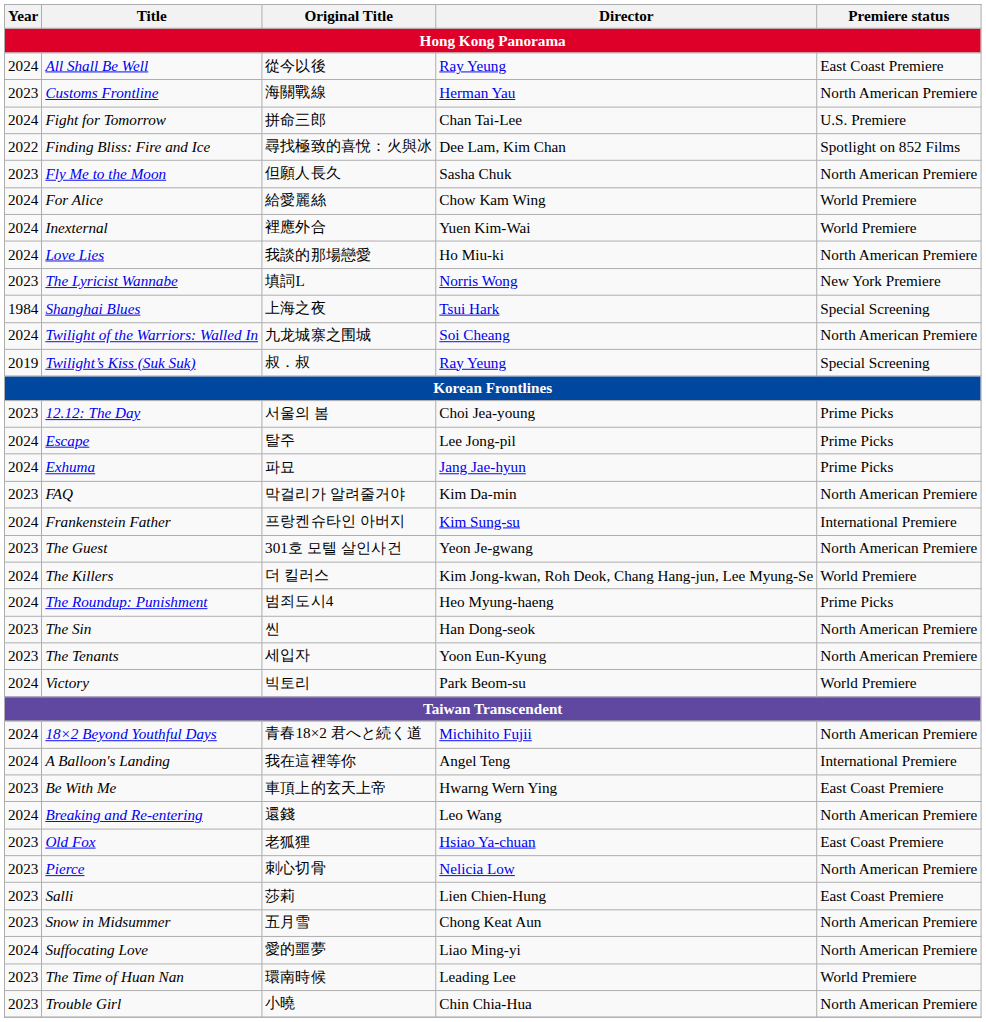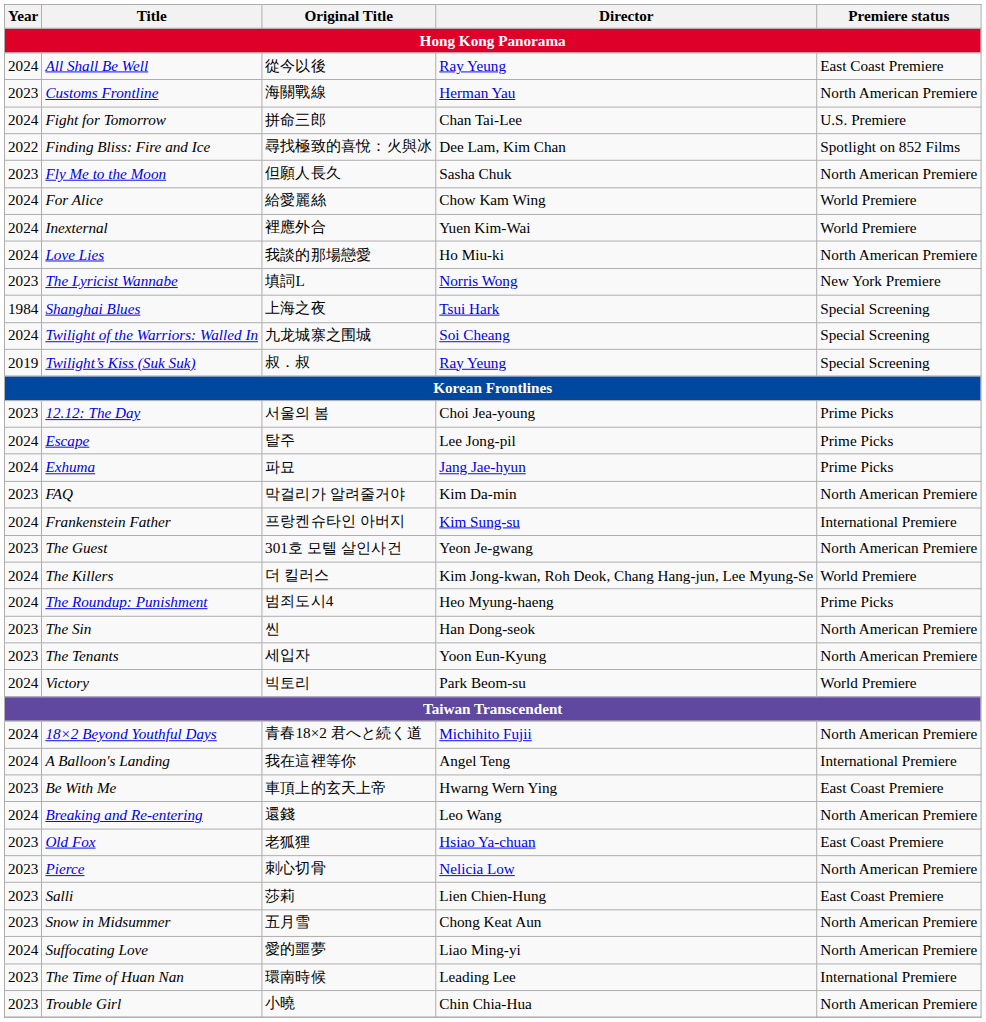 <table class="wikitable">
 <tr>
 <th>Year</th>
 <th>Title</th>
 <th>Original Title</th>
 <th>Director</th>
 <th>Premiere status</th>
 </tr>
 <tr>
 <th colspan="5" style="background:#de0029;color:white;"><strong>Hong Kong Panorama</strong></th>
 </tr>
 <tr>
 <td>2024</td>
 <td><em><a href='#'>All Shall Be Well</a></em></td>
 <td>從今以後</td>
 <td><a href='#'>Ray Yeung</a></td>
 <td>East Coast Premiere</td>
 </tr>
 <tr>
 <td>2023</td>
 <td><em><a href='#'>Customs Frontline</a></em></td>
 <td>海關戰線</td>
 <td><a href='#'>Herman Yau</a></td>
 <td>North American Premiere</td>
 </tr>
 <tr>
 <td>2024</td>
 <td><em>Fight for Tomorrow</em></td>
 <td>拼命三郎</td>
 <td>Chan Tai-Lee</td>
 <td>U.S. Premiere</td>
 </tr>
 <tr>
 <td>2022</td>
 <td><em>Finding Bliss: Fire and Ice</em></td>
 <td>尋找極致的喜悅：火與冰</td>
 <td>Dee Lam, Kim Chan</td>
 <td>Spotlight on 852 Films</td>
 </tr>
 <tr>
 <td>2023</td>
 <td><em><a href='#'>Fly Me to the Moon</a></em></td>
 <td>但願人長久</td>
 <td>Sasha Chuk</td>
 <td>North American Premiere</td>
 </tr>
 <tr>
 <td>2024</td>
 <td><em>For Alice</em></td>
 <td>給愛麗絲</td>
 <td>Chow Kam Wing</td>
 <td>World Premiere</td>
 </tr>
 <tr>
 <td>2024</td>
 <td><em>Inexternal</em></td>
 <td>裡應外合</td>
 <td>Yuen Kim-Wai</td>
 <td>World Premiere</td>
 </tr>
 <tr>
 <td>2024</td>
 <td><em><a href='#'>Love Lies</a></em></td>
 <td>我談的那場戀愛</td>
 <td>Ho Miu-ki</td>
 <td>North American Premiere</td>
 </tr>
 <tr>
 <td>2023</td>
 <td><em><a href='#'>The Lyricist Wannabe</a></em></td>
 <td>填詞L</td>
 <td><a href='#'>Norris Wong</a></td>
 <td>New York Premiere</td>
 </tr>
 <tr>
 <td>1984</td>
 <td><em><a href='#'>Shanghai Blues</a></em></td>
 <td>上海之夜</td>
 <td><a href='#'>Tsui Hark</a></td>
 <td>Special Screening</td>
 </tr>
 <tr>
 <td>2024</td>
 <td><em><a href='#'>Twilight of the Warriors: Walled In</a></em></td>
 <td>九龙城寨之围城</td>
 <td><a href='#'>Soi Cheang</a></td>
-<td>North American Premiere</td>
+<td>Special Screening</td>
 </tr>
 <tr>
 <td>2019</td>
 <td><em><a href='#'>Twilight’s Kiss (Suk Suk)</a></em></td>
 <td>叔．叔</td>
 <td><a href='#'>Ray Yeung</a></td>
 <td>Special Screening</td>
 </tr>
 <tr>
 <th colspan="5" style="background:#0047A0;color:white;"><strong>Korean Frontlines</strong></th>
 </tr>
 <tr>
 <td>2023</td>
 <td><em><a href='#'>12.12: The Day</a></em></td>
 <td>서울의 봄</td>
 <td>Choi Jea-young</td>
 <td>Prime Picks</td>
 </tr>
 <tr>
 <td>2024</td>
 <td><em><a href='#'>Escape</a></em></td>
 <td>탈주</td>
 <td>Lee Jong-pil</td>
 <td>Prime Picks</td>
 </tr>
 <tr>
 <td>2024</td>
 <td><em><a href='#'>Exhuma</a></em></td>
 <td>파묘</td>
 <td><a href='#'>Jang Jae-hyun</a></td>
 <td>Prime Picks</td>
 </tr>
 <tr>
 <td>2023</td>
 <td><em>FAQ</em></td>
 <td>막걸리가 알려줄거야</td>
 <td>Kim Da-min</td>
 <td>North American Premiere</td>
 </tr>
 <tr>
 <td>2024</td>
 <td><em>Frankenstein Father</em></td>
 <td>프랑켄슈타인 아버지</td>
 <td><a href='#'>Kim Sung-su</a></td>
 <td>International Premiere</td>
 </tr>
 <tr>
 <td>2023</td>
 <td><em>The Guest</em></td>
 <td>301호 모텔 살인사건</td>
 <td>Yeon Je-gwang</td>
 <td>North American Premiere</td>
 </tr>
 <tr>
 <td>2024</td>
 <td><em>The Killers</em></td>
 <td>더 킬러스</td>
 <td>Kim Jong-kwan, Roh Deok, Chang Hang-jun, Lee Myung-Se</td>
 <td>World Premiere</td>
 </tr>
 <tr>
 <td>2024</td>
 <td><em><a href='#'>The Roundup: Punishment</a></em></td>
 <td>범죄도시4</td>
 <td>Heo Myung-haeng</td>
 <td>Prime Picks</td>
 </tr>
 <tr>
 <td>2023</td>
 <td><em>The Sin</em></td>
 <td>씬</td>
 <td>Han Dong-seok</td>
 <td>North American Premiere</td>
 </tr>
 <tr>
 <td>2023</td>
 <td><em>The Tenants</em></td>
 <td>세입자</td>
 <td>Yoon Eun-Kyung</td>
 <td>North American Premiere</td>
 </tr>
 <tr>
 <td>2024</td>
 <td><em>Victory</em></td>
 <td>빅토리</td>
 <td>Park Beom-su</td>
 <td>World Premiere</td>
 </tr>
 <tr>
 <th colspan="5" style="background:#6047A0;color:white;"><strong>Taiwan Transcendent</strong></th>
 </tr>
 <tr>
 <td>2024</td>
 <td><em><a href='#'>18×2 Beyond Youthful Days</a></em></td>
 <td>青春18×2 君へと続く道</td>
 <td><a href='#'>Michihito Fujii</a></td>
 <td>North American Premiere</td>
 </tr>
 <tr>
 <td>2024</td>
 <td><em>A Balloon's Landing</em></td>
 <td>我在這裡等你</td>
 <td>Angel Teng</td>
 <td>International Premiere</td>
 </tr>
 <tr>
 <td>2023</td>
 <td><em>Be With Me</em></td>
 <td>車頂上的玄天上帝</td>
 <td>Hwarng Wern Ying</td>
 <td>East Coast Premiere</td>
 </tr>
 <tr>
 <td>2024</td>
 <td><em><a href='#'>Breaking and Re-entering</a></em></td>
 <td>還錢</td>
 <td>Leo Wang</td>
 <td>North American Premiere</td>
 </tr>
 <tr>
 <td>2023</td>
 <td><em><a href='#'>Old Fox</a></em></td>
 <td>老狐狸</td>
 <td><a href='#'>Hsiao Ya-chuan</a></td>
 <td>East Coast Premiere</td>
 </tr>
 <tr>
 <td>2023</td>
 <td><em><a href='#'>Pierce</a></em></td>
 <td>刺心切骨</td>
 <td><a href='#'>Nelicia Low</a></td>
 <td>North American Premiere</td>
 </tr>
 <tr>
 <td>2023</td>
 <td><em>Salli</em></td>
 <td>莎莉</td>
 <td>Lien Chien-Hung</td>
 <td>East Coast Premiere</td>
 </tr>
 <tr>
 <td>2023</td>
 <td><em>Snow in Midsummer</em></td>
 <td>五月雪</td>
 <td>Chong Keat Aun</td>
 <td>North American Premiere</td>
 </tr>
 <tr>
 <td>2024</td>
 <td><em>Suffocating Love</em></td>
 <td>愛的噩夢</td>
 <td>Liao Ming-yi</td>
 <td>North American Premiere</td>
 </tr>
 <tr>
 <td>2023</td>
 <td><em>The Time of Huan Nan</em></td>
 <td>環南時候</td>
 <td>Leading Lee</td>
-<td>World Premiere</td>
+<td>International Premiere</td>
 </tr>
 <tr>
 <td>2023</td>
 <td><em>Trouble Girl</em></td>
 <td>小曉</td>
 <td>Chin Chia-Hua</td>
 <td>North American Premiere</td>
 </tr>
 <tr>
 </tr>
 </table>
